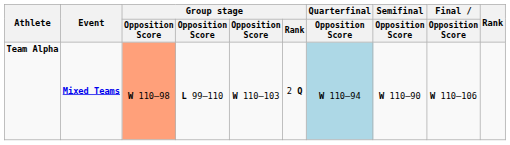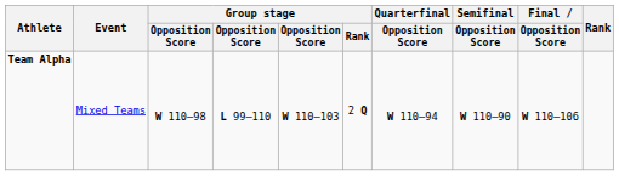 <table class="wikitable" style="font-size:90%">
 <tr>
 <th rowspan=2>Athlete</th>
 <th rowspan=2>Event</th>
 <th colspan=4>Group stage</th>
 <th>Quarterfinal</th>
 <th>Semifinal</th>
 <th>Final / </th>
 <th rowspan=2>Rank</th>
 </tr>
 <tr style="font-size:95%">
 <th>Opposition<br>Score</th>
 <th>Opposition<br>Score</th>
 <th>Opposition<br>Score</th>
 <th>Rank</th>
 <th>Opposition<br>Score</th>
 <th>Opposition<br>Score</th>
 <th>Opposition<br>Score</th>
 </tr>
 <tr align=center>
 <td align=left><strong>Team Alpha</strong> <br><br><br><br><br><br><br><br><br></td>
-<td align=left><strong><a href='#'>Mixed Teams</a></strong></td>
-<td style="background: lightsalmon;"><br><strong>W</strong> 110–98</td>
+<td align=left><a href='#'>Mixed Teams</a></td>
+<td><br><strong>W</strong> 110–98</td>
 <td><br><strong>L</strong> 99–110</td>
 <td><br><strong>W</strong> 110–103</td>
 <td>2 <strong>Q</strong></td>
-<td style="background: lightblue;"><br><strong>W</strong> 110–94</td>
+<td><br><strong>W</strong> 110–94</td>
 <td><br><strong>W</strong> 110–90</td>
 <td><br><strong>W</strong> 110–106</td>
 <td></td>
 </tr>
 </table>
